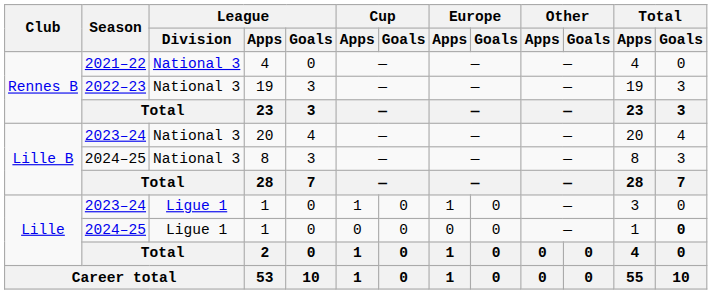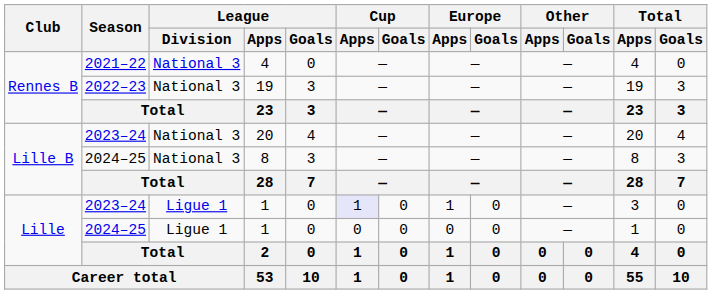 <table class="wikitable" style="text-align: center">
 <tr>
 <th rowspan="2">Club</th>
 <th rowspan="2">Season</th>
 <th colspan="3">League</th>
 <th colspan="2">Cup</th>
 <th colspan="2">Europe</th>
 <th colspan="2">Other</th>
 <th colspan="2">Total</th>
 </tr>
 <tr>
 <th>Division</th>
 <th>Apps</th>
 <th>Goals</th>
 <th>Apps</th>
 <th>Goals</th>
 <th>Apps</th>
 <th>Goals</th>
 <th>Apps</th>
 <th>Goals</th>
 <th>Apps</th>
 <th>Goals</th>
 </tr>
 <tr>
 <td rowspan="3"><a href='#'>Rennes B</a></td>
 <td><a href='#'>2021–22</a></td>
 <td><a href='#'>National 3</a></td>
 <td>4</td>
 <td>0</td>
 <td colspan="2">—</td>
 <td colspan="2">—</td>
 <td colspan="2">—</td>
 <td>4</td>
 <td>0</td>
 </tr>
 <tr>
 <td><a href='#'>2022–23</a></td>
 <td>National 3</td>
 <td>19</td>
 <td>3</td>
 <td colspan="2">—</td>
 <td colspan="2">—</td>
 <td colspan="2">—</td>
 <td>19</td>
 <td>3</td>
 </tr>
 <tr>
 <th colspan="2">Total</th>
 <th>23</th>
 <th>3</th>
 <th colspan="2">—</th>
 <th colspan="2">—</th>
 <th colspan="2">—</th>
 <th>23</th>
 <th>3</th>
 </tr>
 <tr>
 <td rowspan="3"><a href='#'>Lille B</a></td>
 <td><a href='#'>2023–24</a></td>
 <td>National 3</td>
 <td>20</td>
 <td>4</td>
 <td colspan="2">—</td>
 <td colspan="2">—</td>
 <td colspan="2">—</td>
 <td>20</td>
 <td>4</td>
 </tr>
 <tr>
 <td>2024–25</td>
 <td>National 3</td>
 <td>8</td>
 <td>3</td>
 <td colspan="2">—</td>
 <td colspan="2">—</td>
 <td colspan="2">—</td>
 <td>8</td>
 <td>3</td>
 </tr>
 <tr>
 <th colspan="2">Total</th>
 <th>28</th>
 <th>7</th>
 <th colspan="2">—</th>
 <th colspan="2">—</th>
 <th colspan="2">—</th>
 <th>28</th>
 <th>7</th>
 </tr>
 <tr>
 <td rowspan="3"><a href='#'>Lille</a></td>
 <td><a href='#'>2023–24</a></td>
 <td><a href='#'>Ligue 1</a></td>
 <td>1</td>
 <td>0</td>
-<td>1</td>
+<td style="background: lavender;">1</td>
 <td>0</td>
 <td>1</td>
 <td>0</td>
 <td colspan="2">—</td>
 <td>3</td>
 <td>0</td>
 </tr>
 <tr>
 <td><a href='#'>2024–25</a></td>
 <td>Ligue 1</td>
 <td>1</td>
 <td>0</td>
 <td>0</td>
 <td>0</td>
 <td>0</td>
 <td>0</td>
 <td colspan="2">—</td>
 <td>1</td>
-<td><strong>0</strong></td>
+<td>0</td>
 </tr>
 <tr>
 <th colspan="2">Total</th>
 <th>2</th>
 <th>0</th>
 <th>1</th>
 <th>0</th>
 <th>1</th>
 <th>0</th>
 <th>0</th>
 <th>0</th>
 <th>4</th>
 <th>0</th>
 </tr>
 <tr>
 <th colspan="3">Career total</th>
 <th>53</th>
 <th>10</th>
 <th>1</th>
 <th>0</th>
 <th>1</th>
 <th>0</th>
 <th>0</th>
 <th>0</th>
 <th>55</th>
 <th>10</th>
 </tr>
 </table>
